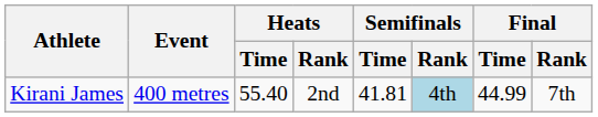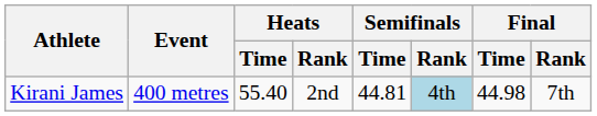 <table class=wikitable style="font-size:90%;">
 <tr>
 <th rowspan=2>Athlete</th>
 <th rowspan=2>Event</th>
 <th colspan=2>Heats</th>
 <th colspan=2>Semifinals</th>
 <th colspan=2>Final</th>
 </tr>
 <tr>
 <th>Time</th>
 <th>Rank</th>
 <th>Time</th>
 <th>Rank</th>
 <th>Time</th>
 <th>Rank</th>
 </tr>
 <tr>
 <td><a href='#'>Kirani James</a></td>
 <td><a href='#'>400 metres</a></td>
 <td align="center">55.40</td>
 <td align="center">2nd</td>
-<td align="center">41.81</td>
+<td align="center">44.81</td>
 <td align="center" style="background: lightblue;">4th</td>
-<td align="center">44.99</td>
+<td align="center">44.98</td>
 <td align="center">7th</td>
 </tr>
 </table>
